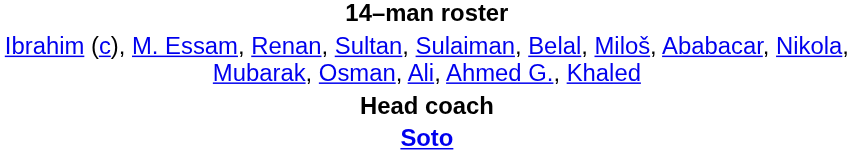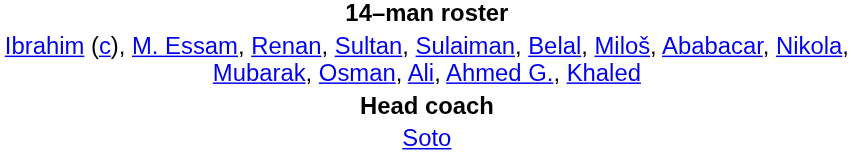 <table style="text-align:center; margin-top:2em; margin-left:auto; margin-right:auto">
 <tr>
 <td><strong>14–man roster</strong></td>
 </tr>
 <tr>
 <td><a href='#'>Ibrahim</a> (<a href='#'>c</a>), <a href='#'>M. Essam</a>, <a href='#'>Renan</a>, <a href='#'>Sultan</a>, <a href='#'>Sulaiman</a>, <a href='#'>Belal</a>, <a href='#'>Miloš</a>, <a href='#'>Ababacar</a>, <a href='#'>Nikola</a>, <a href='#'>Mubarak</a>, <a href='#'>Osman</a>, <a href='#'>Ali</a>, <a href='#'>Ahmed G.</a>, <a href='#'>Khaled</a></td>
 </tr>
 <tr>
 <td><strong>Head coach</strong></td>
 </tr>
 <tr>
-<td><strong><a href='#'>Soto</a></strong></td>
+<td><a href='#'>Soto</a></td>
 </tr>
 </table>
